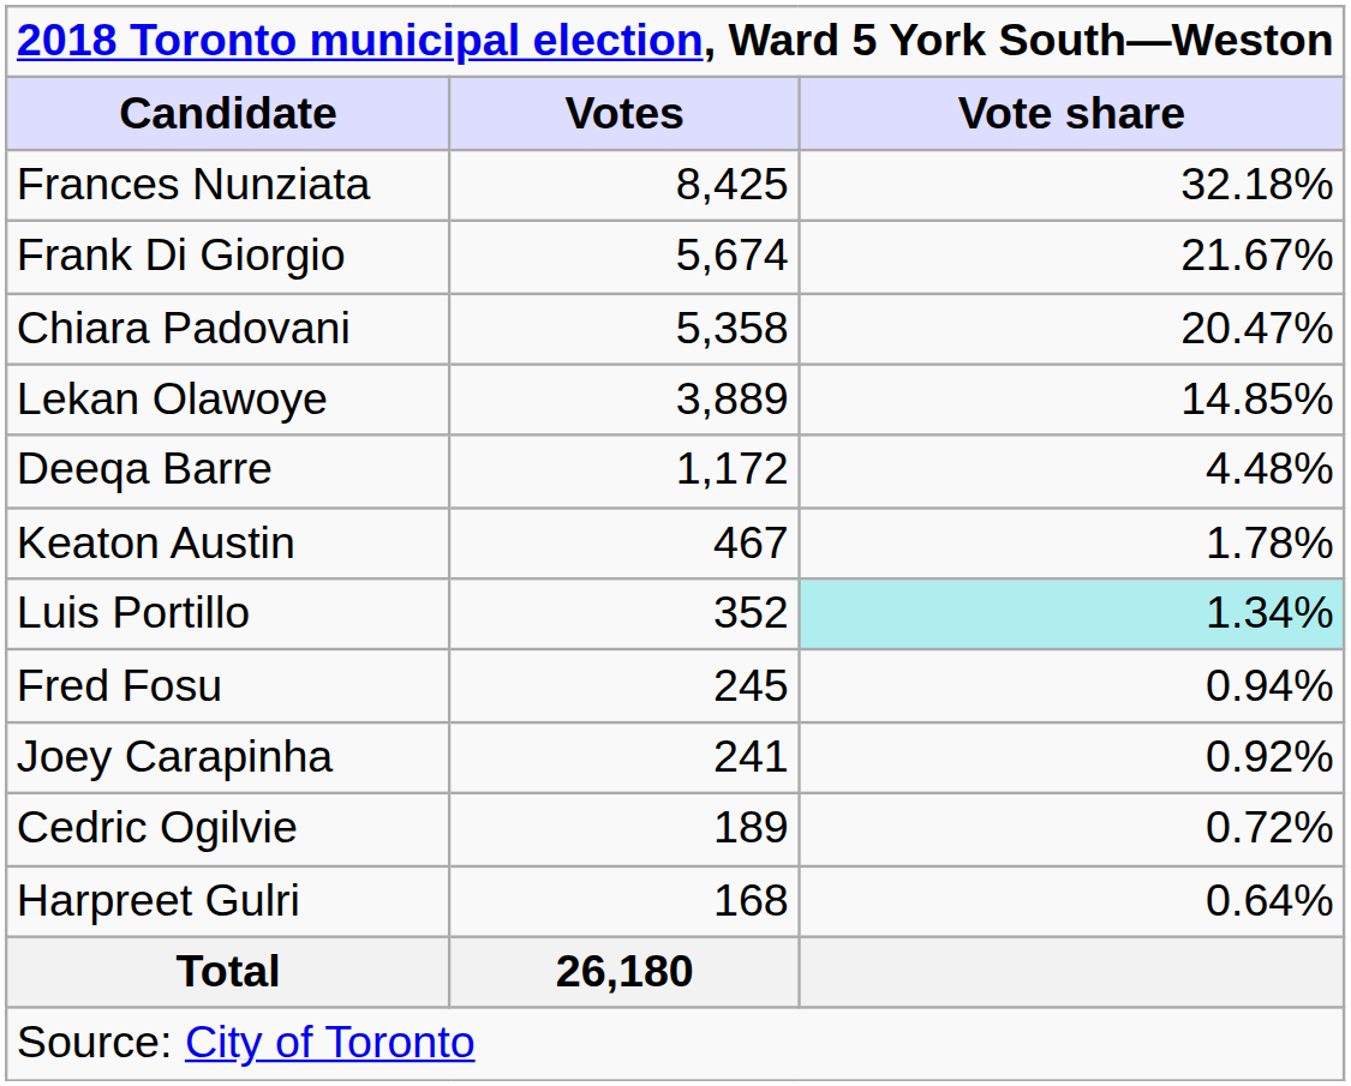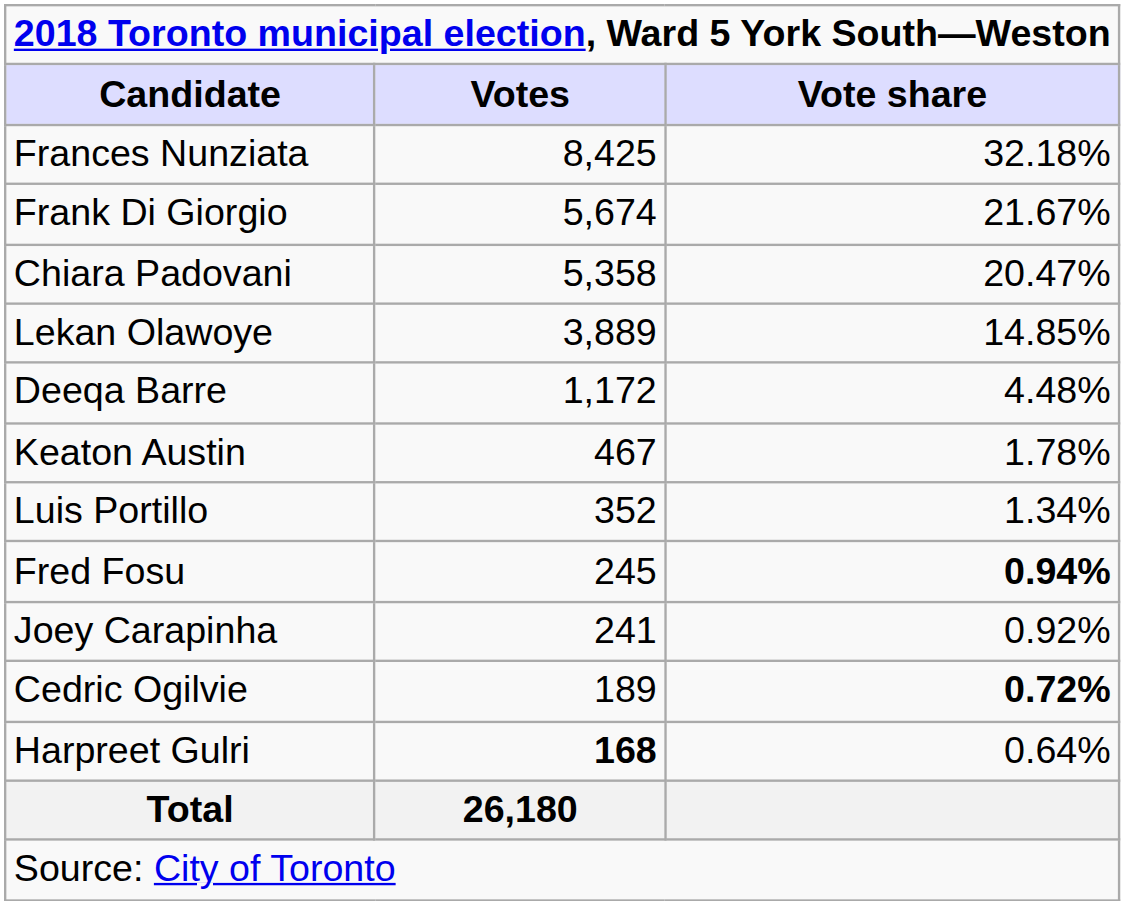 <table class="wikitable plainrowheaders">
 <tr>
 <td colspan="3"><strong><a href='#'>2018 Toronto municipal election</a>, Ward 5 York South—Weston</strong></td>
 </tr>
 <tr>
 <th scope="col" style="background:#ddf; width:150px;">Candidate</th>
 <th scope="col" style="background:#ddf;">Votes</th>
 <th scope="col" style="background:#ddf;">Vote share</th>
 </tr>
 <tr>
 <td scope="row">Frances Nunziata</td>
 <td align="right">8,425</td>
 <td align="right">32.18%</td>
 </tr>
 <tr>
 <td scope="row">Frank Di Giorgio</td>
 <td align="right">5,674</td>
 <td align="right">21.67%</td>
 </tr>
 <tr>
 <td scope="row">Chiara Padovani</td>
 <td align="right">5,358</td>
 <td align="right">20.47%</td>
 </tr>
 <tr>
 <td scope="row">Lekan Olawoye</td>
 <td align="right">3,889</td>
 <td align="right">14.85%</td>
 </tr>
 <tr>
 <td scope="row">Deeqa Barre</td>
 <td align="right">1,172</td>
 <td align="right">4.48%</td>
 </tr>
 <tr>
 <td scope="row">Keaton Austin</td>
 <td align="right">467</td>
 <td align="right">1.78%</td>
 </tr>
 <tr>
 <td scope="row">Luis Portillo</td>
 <td align="right">352</td>
-<td align="right" style="background: paleturquoise;">1.34%</td>
+<td align="right">1.34%</td>
 </tr>
 <tr>
 <td scope="row">Fred Fosu</td>
 <td align="right">245</td>
-<td align="right">0.94%</td>
+<td align="right"><strong>0.94%</strong></td>
 </tr>
 <tr>
 <td>Joey Carapinha</td>
 <td align="right">241</td>
 <td align="right">0.92%</td>
 </tr>
 <tr>
 <td scope="row">Cedric Ogilvie</td>
 <td align="right">189</td>
-<td align="right">0.72%</td>
+<td align="right"><strong>0.72%</strong></td>
 </tr>
 <tr>
 <td>Harpreet Gulri</td>
-<td align="right">168</td>
+<td align="right"><strong>168</strong></td>
 <td align="right">0.64%</td>
 </tr>
 <tr>
 <th scope="row"><strong>Total</strong></th>
 <th align="right">26,180</th>
 <th align="right"></th>
 </tr>
 <tr>
 <td colspan="3">Source: <a href='#'>City of Toronto</a></td>
 </tr>
 </table>
